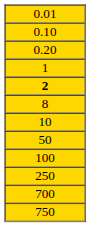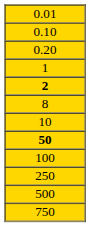 <table border=-2 cellspacing=0 cellpadding=1 width=100px|->
 <tr>
 <td bgcolor="gold" align="center">0.01</td>
 </tr>
 <tr>
 <td bgcolor="gold" align="center">0.10</td>
 </tr>
 <tr>
 <td bgcolor="gold" align="center">0.20</td>
 </tr>
 <tr>
 <td bgcolor="gold" align="center">1</td>
 </tr>
 <tr>
 <td bgcolor="gold" align="center"><strong>2</strong></td>
 </tr>
 <tr>
 <td bgcolor="gold" align="center">8</td>
 </tr>
 <tr>
 <td bgcolor="gold" align="center">10</td>
 </tr>
 <tr>
-<td bgcolor="gold" align="center">50</td>
+<td bgcolor="gold" align="center"><strong>50</strong></td>
 </tr>
 <tr>
 <td bgcolor="gold" align="center">100</td>
 </tr>
 <tr>
 <td bgcolor="gold" align="center">250</td>
 </tr>
 <tr>
-<td bgcolor="gold" align="center">700</td>
+<td bgcolor="gold" align="center">500</td>
 </tr>
 <tr>
 <td bgcolor="gold" align="center">750</td>
 </tr>
 </table>
